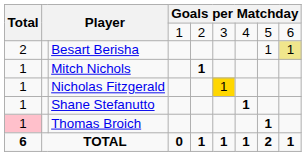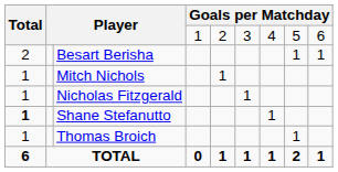 <table class="wikitable" style="text-align:center; line-height: 90%; font-size:90%;">
 <tr>
 <th rowspan="2">Total</th>
 <th rowspan="2" colspan="2">Player</th>
 <th colspan="33">Goals per Matchday</th>
 </tr>
 <tr>
 <td> 1 </td>
 <td> 2 </td>
 <td> 3 </td>
 <td> 4 </td>
 <td> 5 </td>
 <td> 6 </td>
 </tr>
 <tr>
 <td>2</td>
 <td></td>
 <td style="text-align:left;"><a href='#'>Besart Berisha</a></td>
 <td></td>
 <td></td>
 <td></td>
 <td></td>
 <td>1</td>
-<td style="background: khaki;">1</td>
+<td>1</td>
 </tr>
 <tr>
 <td>1</td>
 <td></td>
 <td style="text-align:left;"><a href='#'>Mitch Nichols</a></td>
 <td></td>
-<td><strong>1</strong></td>
+<td>1</td>
 <td></td>
 <td></td>
 <td></td>
 <td></td>
 </tr>
 <tr>
 <td>1</td>
 <td></td>
 <td style="text-align:left;"><a href='#'>Nicholas Fitzgerald</a></td>
 <td></td>
 <td></td>
-<td style="background: gold;">1</td>
+<td>1</td>
 <td></td>
+<td></td>
+<td></td>
+</tr>
+<tr>
+<td><strong>1</strong></td>
+<td></td>
+<td style="text-align:left;"><a href='#'>Shane Stefanutto</a></td>
+<td></td>
+<td></td>
+<td></td>
+<td>1</td>
 <td></td>
 <td></td>
 </tr>
 <tr>
 <td>1</td>
 <td></td>
-<td style="text-align:left;"><a href='#'>Shane Stefanutto</a></td>
-<td></td>
-<td></td>
-<td></td>
-<td><strong>1</strong></td>
-<td></td>
-<td></td>
-</tr>
-<tr>
-<td style="background: pink;">1</td>
-<td></td>
 <td style="text-align:left;"><a href='#'>Thomas Broich</a></td>
 <td></td>
 <td></td>
 <td></td>
 <td></td>
-<td><strong>1</strong></td>
+<td>1</td>
 <td></td>
 </tr>
 <tr>
 <td><strong>6</strong></td>
 <td style="text-align:center;" colspan="2"><strong>TOTAL</strong></td>
 <td><strong>0</strong></td>
 <td><strong>1</strong></td>
 <td><strong>1</strong></td>
 <td><strong>1</strong></td>
 <td><strong>2</strong></td>
 <td><strong>1</strong></td>
 </tr>
 </table>
